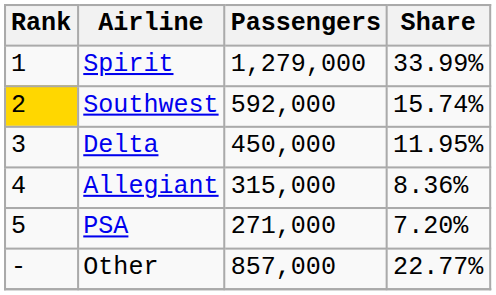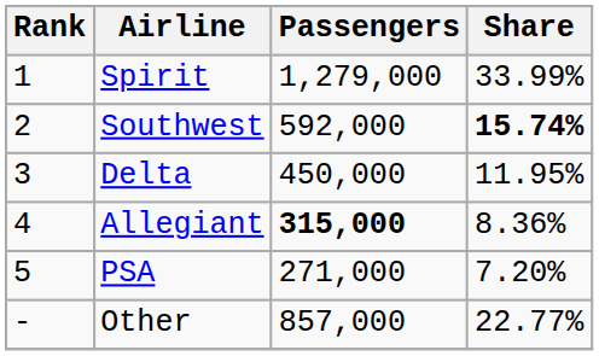 <table class="wikitable sortable" style="font-size: 95%">
 <tr>
 <th>Rank</th>
 <th>Airline</th>
 <th>Passengers</th>
 <th>Share</th>
 </tr>
 <tr>
 <td>1</td>
 <td><a href='#'>Spirit</a></td>
 <td>1,279,000</td>
 <td>33.99%</td>
 </tr>
 <tr>
-<td style="background: gold;">2</td>
+<td>2</td>
 <td><a href='#'>Southwest</a></td>
 <td>592,000</td>
-<td>15.74%</td>
+<td><strong>15.74%</strong></td>
 </tr>
 <tr>
 <td>3</td>
 <td><a href='#'>Delta</a></td>
 <td>450,000</td>
 <td>11.95%</td>
 </tr>
 <tr>
 <td>4</td>
 <td><a href='#'>Allegiant</a></td>
-<td>315,000</td>
+<td><strong>315,000</strong></td>
 <td>8.36%</td>
 </tr>
 <tr>
 <td>5</td>
 <td><a href='#'>PSA</a></td>
 <td>271,000</td>
 <td>7.20%</td>
 </tr>
 <tr>
 <td>-</td>
 <td>Other</td>
 <td>857,000</td>
 <td>22.77%</td>
 </tr>
 <tr>
 </tr>
 </table>
